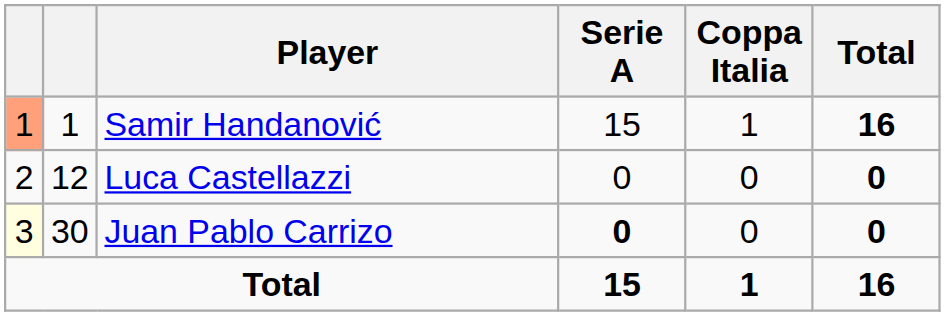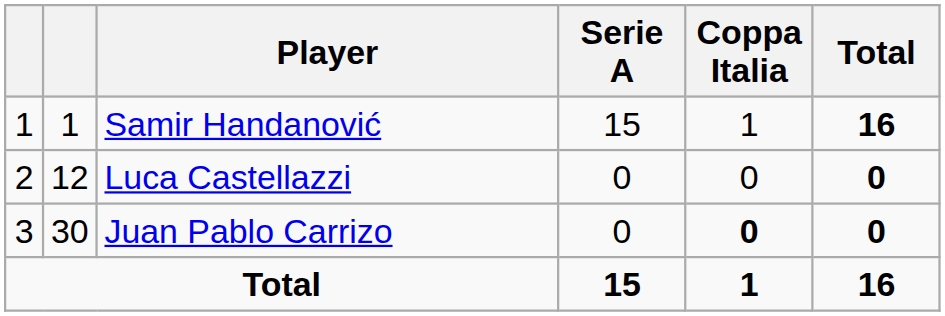 <table class="wikitable sortable" style="font-size: 95%; text-align: center;">
 <tr>
 <th width=10></th>
 <th width=10></th>
 <th width=200>Player</th>
 <th width=50>Serie A</th>
 <th width=50>Coppa Italia</th>
 <th width=50>Total</th>
 </tr>
 <tr>
-<td style="background: lightsalmon;">1</td>
+<td>1</td>
 <td>1</td>
 <td align="left"> <a href='#'>Samir Handanović</a></td>
 <td>15</td>
 <td>1</td>
 <td><strong>16</strong></td>
 </tr>
 <tr>
 <td>2</td>
 <td>12</td>
 <td align=left> <a href='#'>Luca Castellazzi</a></td>
 <td>0</td>
 <td>0</td>
 <td><strong>0</strong></td>
 </tr>
 <tr>
-<td style="background: lightyellow;">3</td>
+<td>3</td>
 <td>30</td>
 <td align=left> <a href='#'>Juan Pablo Carrizo</a></td>
+<td>0</td>
 <td><strong>0</strong></td>
-<td>0</td>
 <td><strong>0</strong></td>
 </tr>
 <tr>
 <td colspan="3"><strong>Total</strong></td>
 <td><strong>15</strong></td>
 <td><strong>1</strong></td>
 <td><strong>16</strong></td>
 </tr>
 </table>
